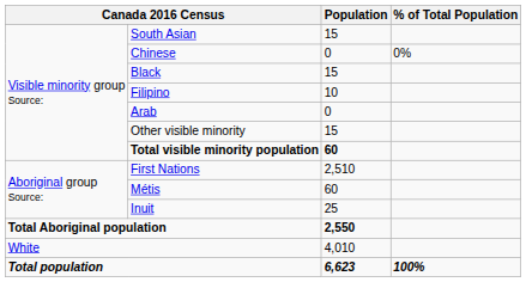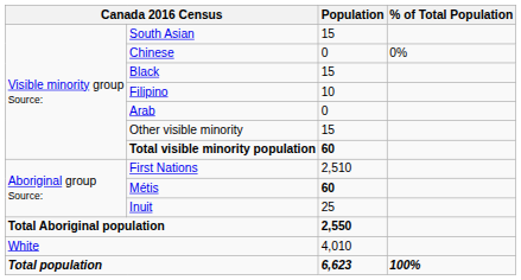 <table class="wikitable">
 <tr>
 <th colspan="2">Canada 2016 Census</th>
 <th>Population</th>
 <th>% of Total Population</th>
 </tr>
 <tr>
 <td rowspan="7"><a href='#'>Visible minority</a> group<br><small>Source:</small></td>
 <td><a href='#'>South Asian</a></td>
 <td>15</td>
 <td></td>
 </tr>
 <tr>
 <td><a href='#'>Chinese</a></td>
 <td>0</td>
 <td>0%</td>
 </tr>
 <tr>
 <td><a href='#'>Black</a></td>
 <td>15</td>
 <td></td>
 </tr>
 <tr>
 <td><a href='#'>Filipino</a></td>
 <td>10</td>
 <td></td>
 </tr>
 <tr>
 <td><a href='#'>Arab</a></td>
 <td>0</td>
 <td></td>
 </tr>
 <tr>
 <td>Other visible minority</td>
 <td>15</td>
 <td></td>
 </tr>
 <tr>
 <td><strong>Total visible minority population</strong></td>
 <td><strong>60</strong></td>
 <td><strong></strong></td>
 </tr>
 <tr>
 <td rowspan="3"><a href='#'>Aboriginal</a> group<br><small>Source:</small></td>
 <td><a href='#'>First Nations</a></td>
 <td>2,510</td>
 <td></td>
 </tr>
 <tr>
 <td><a href='#'>Métis</a></td>
-<td>60</td>
+<td><strong>60</strong></td>
 <td></td>
 </tr>
 <tr>
 <td><a href='#'>Inuit</a></td>
 <td>25</td>
 <td></td>
 </tr>
 <tr>
 <td colspan="2"><strong>Total Aboriginal population</strong></td>
 <td><strong>2,550</strong></td>
 <td><strong></strong></td>
 </tr>
 <tr>
 <td colspan="2"><a href='#'>White</a></td>
 <td>4,010</td>
 <td></td>
 </tr>
 <tr>
 <td colspan="2"><strong><em>Total population</em></strong></td>
 <td><strong><em>6,623</em></strong></td>
 <td><strong><em>100%</em></strong></td>
 </tr>
 </table>
